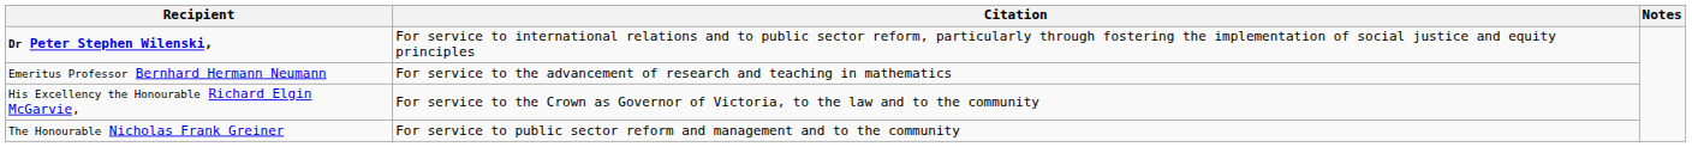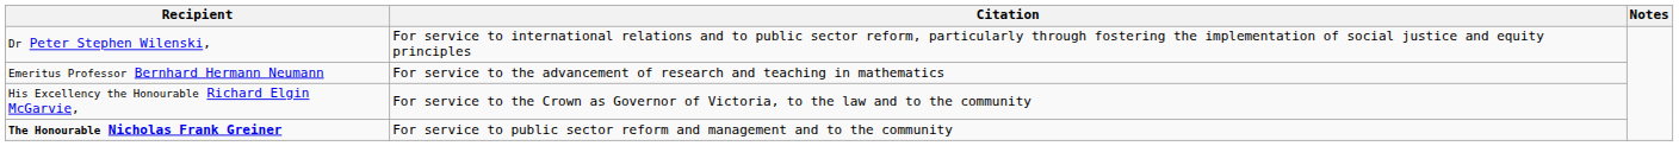 <table class="wikitable" style="font-size:95%;">
 <tr>
 <th>Recipient</th>
 <th>Citation</th>
 <th>Notes</th>
 </tr>
 <tr>
-<td><strong><small>Dr</small> <a href='#'>Peter Stephen Wilenski</a>, </strong></td>
+<td><small>Dr</small> <a href='#'>Peter Stephen Wilenski</a>, </td>
 <td>For service to international relations and to public sector reform, particularly through fostering the implementation of social justice and equity principles</td>
 <td rowspan="4"></td>
 </tr>
 <tr>
 <td><small>Emeritus Professor</small> <a href='#'>Bernhard Hermann Neumann</a></td>
 <td>For service to the advancement of research and teaching in mathematics</td>
 </tr>
 <tr>
 <td><small>His Excellency the Honourable</small> <a href='#'>Richard Elgin McGarvie</a>, </td>
 <td>For service to the Crown as Governor of Victoria, to the law and to the community</td>
 </tr>
 <tr>
-<td><small>The Honourable</small> <a href='#'>Nicholas Frank Greiner</a></td>
+<td><strong><small>The Honourable</small> <a href='#'>Nicholas Frank Greiner</a></strong></td>
 <td>For service to public sector reform and management and to the community</td>
 </tr>
 </table>
